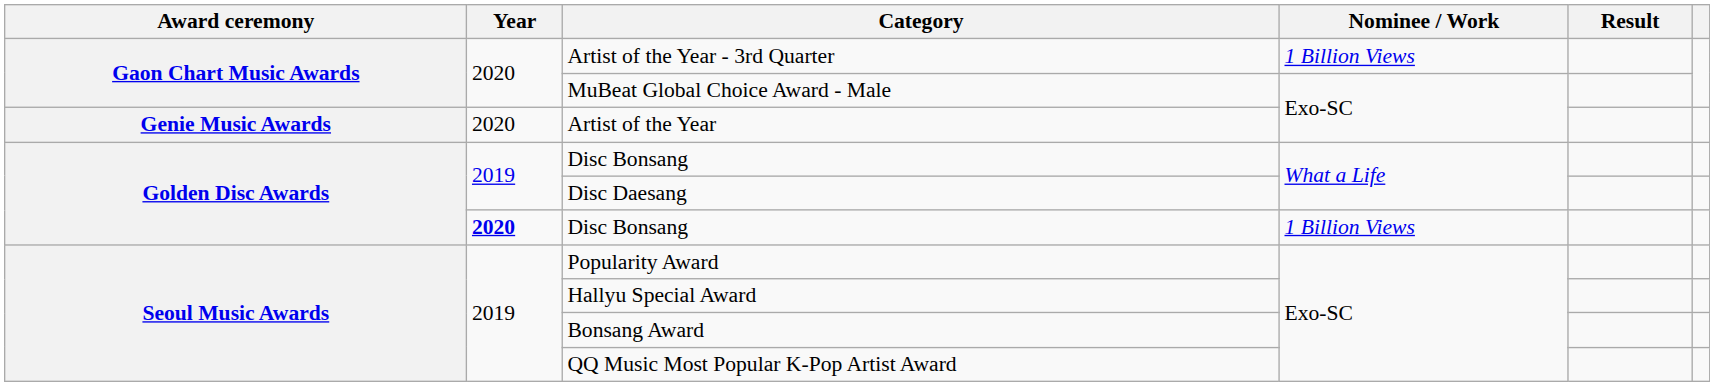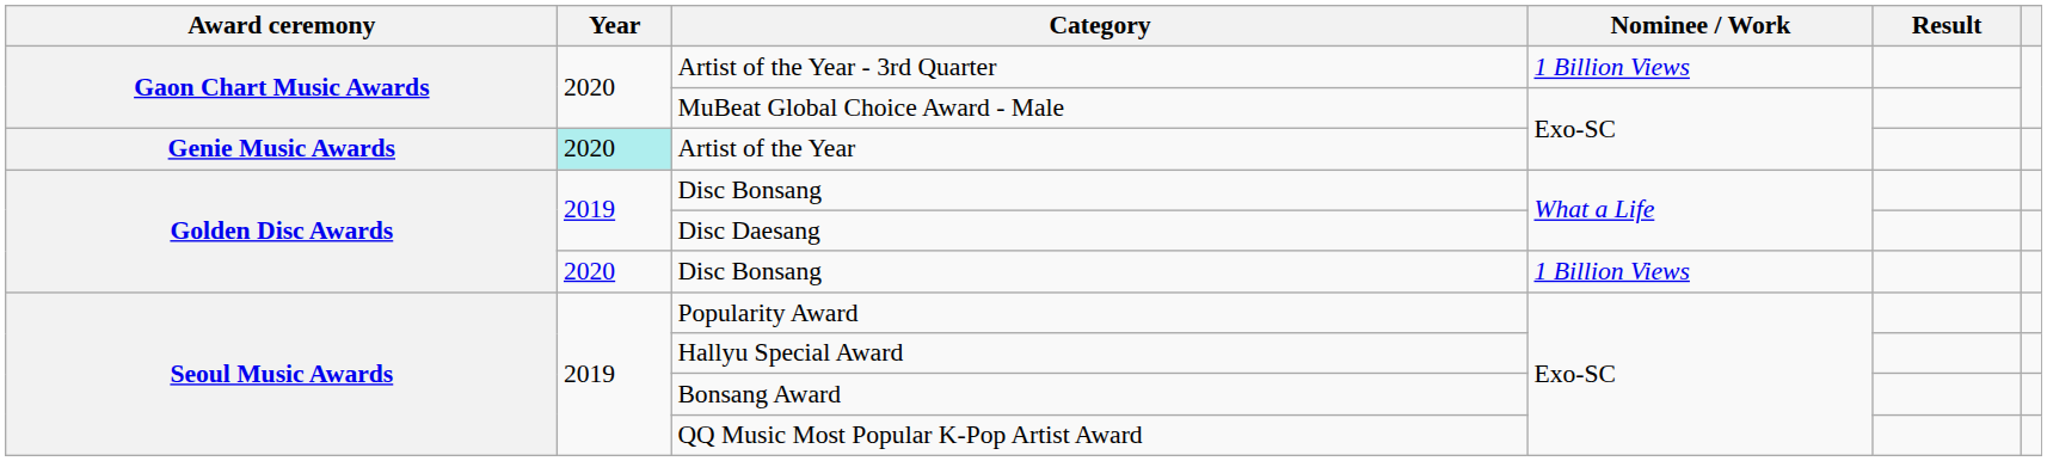 <table class="wikitable sortable plainrowheaders" style="width: 100%;">
 <tr>
 <th scope="col">Award ceremony</th>
 <th scope="col">Year</th>
 <th scope="col">Category</th>
 <th scope="col">Nominee / Work</th>
 <th scope="col">Result</th>
 <th scope="col" class="unsortable"></th>
 </tr>
 <tr>
 <th scope="row" rowspan="2"><a href='#'>Gaon Chart Music Awards</a></th>
 <td rowspan="2">2020</td>
 <td>Artist of the Year - 3rd Quarter</td>
 <td><em><a href='#'>1 Billion Views</a></em></td>
 <td></td>
 <td rowspan="2"></td>
 </tr>
 <tr>
 <td>MuBeat Global Choice Award - Male</td>
 <td rowspan="2">Exo-SC</td>
 <td></td>
 </tr>
 <tr>
 <th scope="row"><a href='#'>Genie Music Awards</a></th>
-<td>2020</td>
+<td style="background: paleturquoise;">2020</td>
 <td>Artist of the Year</td>
 <td></td>
 <td></td>
 </tr>
 <tr>
 <th scope="row" rowspan="3"><a href='#'>Golden Disc Awards</a></th>
 <td rowspan="2"><a href='#'>2019</a></td>
 <td>Disc Bonsang</td>
 <td rowspan="2"><em><a href='#'>What a Life</a></em></td>
 <td></td>
 <td></td>
 </tr>
 <tr>
 <td>Disc Daesang</td>
 <td></td>
 <td></td>
 </tr>
 <tr>
-<td><strong><a href='#'>2020</a></strong></td>
+<td><a href='#'>2020</a></td>
 <td>Disc Bonsang</td>
 <td><em><a href='#'>1 Billion Views</a></em></td>
 <td></td>
 <td></td>
 </tr>
 <tr>
 <th scope="row" rowspan="4"><a href='#'>Seoul Music Awards</a></th>
 <td rowspan="4">2019</td>
 <td>Popularity Award</td>
 <td rowspan="4">Exo-SC</td>
 <td></td>
 <td></td>
 </tr>
 <tr>
 <td>Hallyu Special Award</td>
 <td></td>
 <td></td>
 </tr>
 <tr>
 <td>Bonsang Award</td>
 <td></td>
 <td></td>
 </tr>
 <tr>
 <td>QQ Music Most Popular K-Pop Artist Award</td>
 <td></td>
 <td></td>
 </tr>
 </table>
